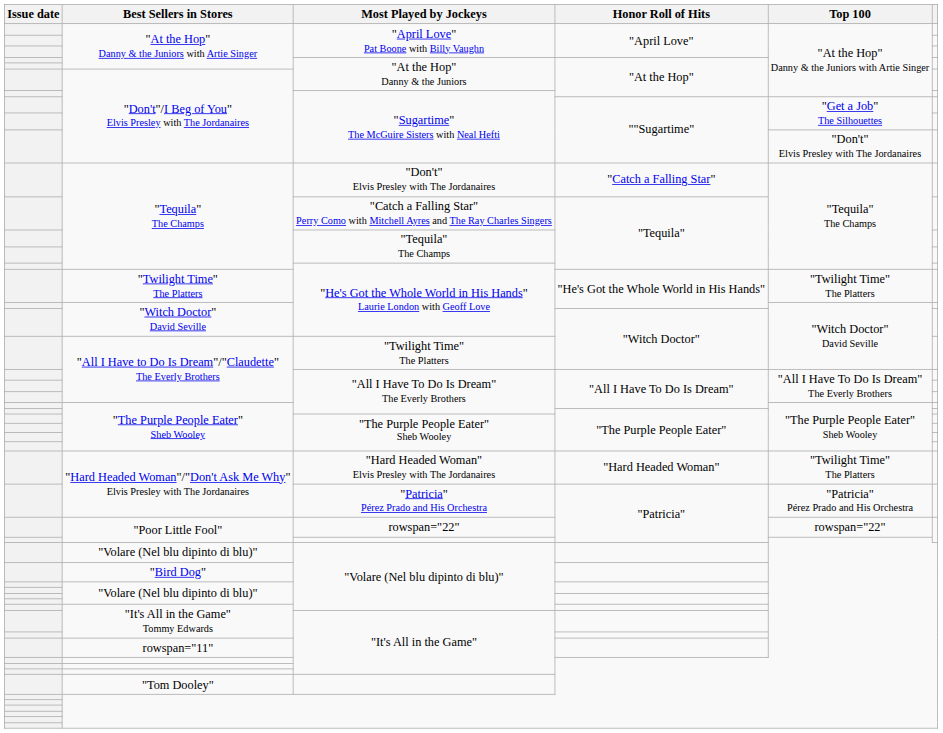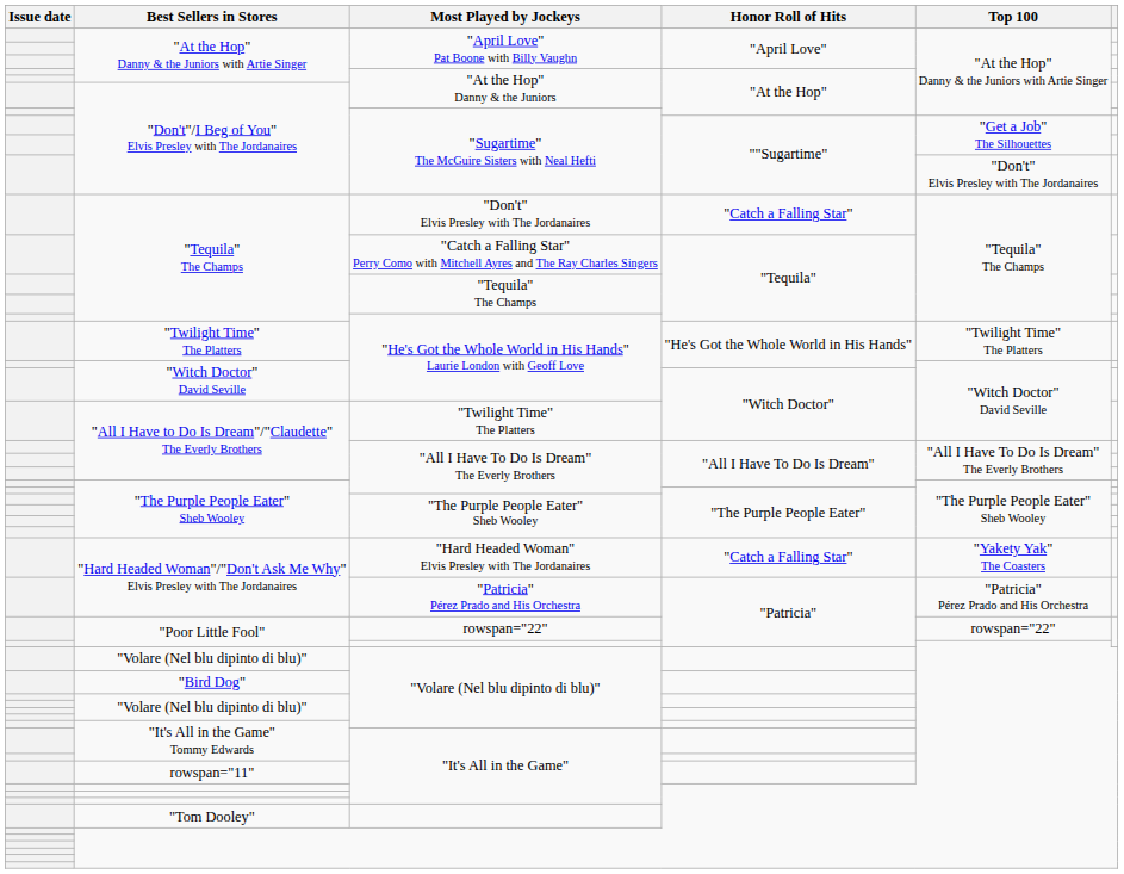 <table class="wikitable sortable plainrowheaders" style="text-align:center;">
 <tr>
 <th>Issue date</th>
 <th>Best Sellers in Stores</th>
 <th>Most Played by Jockeys</th>
 <th>Honor Roll of Hits</th>
 <th>Top 100</th>
 <th></th>
 </tr>
 <tr>
 <th scope="row"></th>
 <td rowspan="5">"<a href='#'>At the Hop</a>"<br><small><a href='#'>Danny & the Juniors</a> with <a href='#'>Artie Singer</a></small></td>
 <td rowspan="3">"<a href='#'>April Love</a>"<br><small><a href='#'>Pat Boone</a> with <a href='#'>Billy Vaughn</a></small></td>
 <td rowspan="3">"April Love"</td>
 <td rowspan="7">"At the Hop"<br><small>Danny & the Juniors with Artie Singer</small></td>
 <td></td>
 </tr>
 <tr>
 <th scope="row"></th>
 <td></td>
 </tr>
 <tr>
 <th scope="row"></th>
 <td></td>
 </tr>
 <tr>
 <th scope="row"></th>
 <td rowspan="3">"At the Hop"<br><small>Danny & the Juniors</small></td>
 <td rowspan="4">"At the Hop"</td>
 <td rowspan="2"></td>
 </tr>
 <tr>
 <th scope="row"></th>
 </tr>
 <tr>
 <th scope="row"></th>
 <td rowspan="5">"<a href='#'>Don't</a>"/<a href='#'>I Beg of You</a>"<br><small><a href='#'>Elvis Presley</a> with <a href='#'>The Jordanaires</a></small></td>
 <td></td>
 </tr>
 <tr>
 <th scope="row"></th>
 <td rowspan="4">"<a href='#'>Sugartime</a>"<br><small><a href='#'>The McGuire Sisters</a> with <a href='#'>Neal Hefti</a></small></td>
 <td></td>
 </tr>
 <tr>
 <th scope="row"></th>
 <td rowspan="3">""Sugartime"</td>
 <td rowspan="2">"<a href='#'>Get a Job</a>"<br><small><a href='#'>The Silhouettes</a></small></td>
 <td></td>
 </tr>
 <tr>
 <th scope="row"></th>
 <td></td>
 </tr>
 <tr>
 <th scope="row"></th>
 <td>"Don't"<br><small>Elvis Presley with The Jordanaires</small></td>
 <td></td>
 </tr>
 <tr>
 <th scope="row"></th>
 <td rowspan="5">"<a href='#'>Tequila</a>"<br><small><a href='#'>The Champs</a></small></td>
 <td>"Don't"<br><small>Elvis Presley with The Jordanaires</small></td>
 <td>"<a href='#'>Catch a Falling Star</a>"</td>
 <td rowspan="5">"Tequila"<br><small>The Champs</small></td>
 <td></td>
 </tr>
 <tr>
 <th scope="row"></th>
 <td>"Catch a Falling Star"<br><small><a href='#'>Perry Como</a> with <a href='#'>Mitchell Ayres</a> and <a href='#'>The Ray Charles Singers</a></small></td>
 <td rowspan="4">"Tequila"</td>
 <td></td>
 </tr>
 <tr>
 <th scope="row"></th>
 <td rowspan="2">"Tequila"<br><small>The Champs</small></td>
 <td></td>
 </tr>
 <tr>
 <th scope="row"></th>
 <td></td>
 </tr>
 <tr>
 <th scope="row"></th>
 <td rowspan="4">"<a href='#'>He's Got the Whole World in His Hands</a>"<br><small><a href='#'>Laurie London</a> with <a href='#'>Geoff Love</a></small></td>
 <td></td>
 </tr>
 <tr>
 <th scope="row"></th>
 <td>"<a href='#'>Twilight Time</a>"<br><small><a href='#'>The Platters</a></small></td>
 <td rowspan="2">"He's Got the Whole World in His Hands"</td>
 <td>"Twilight Time"<br><small>The Platters</small></td>
 <td></td>
 </tr>
 <tr>
 <th scope="row"></th>
 <td rowspan="2">"<a href='#'>Witch Doctor</a>"<br><small><a href='#'>David Seville</a></small></td>
 <td rowspan="3">"Witch Doctor"<br><small>David Seville</small></td>
 <td></td>
 </tr>
 <tr>
 <th scope="row"></th>
 <td rowspan="2">"Witch Doctor"</td>
 <td></td>
 </tr>
 <tr>
 <th scope="row"></th>
 <td rowspan="4">"<a href='#'>All I Have to Do Is Dream</a>"/"<a href='#'>Claudette</a>"<br><small><a href='#'>The Everly Brothers</a></small></td>
 <td>"Twilight Time"<br><small>The Platters</small></td>
 <td></td>
 </tr>
 <tr>
 <th scope="row"></th>
 <td rowspan="5">"All I Have To Do Is Dream"<br><small>The Everly Brothers</small></td>
 <td rowspan="4">"All I Have To Do Is Dream"</td>
 <td rowspan="3">"All I Have To Do Is Dream"<br><small>The Everly Brothers</small></td>
 <td></td>
 </tr>
 <tr>
 <th scope="row"></th>
 <td></td>
 </tr>
 <tr>
 <th scope="row"></th>
 <td></td>
 </tr>
 <tr>
 <th scope="row"></th>
 <td rowspan="6">"<a href='#'>The Purple People Eater</a>"<br><small><a href='#'>Sheb Wooley</a></small></td>
 <td rowspan="6">"The Purple People Eater"<br><small>Sheb Wooley</small></td>
 <td></td>
 </tr>
 <tr>
 <th scope="row"></th>
 <td rowspan="5">"The Purple People Eater"</td>
 <td></td>
 </tr>
 <tr>
 <th scope="row"></th>
 <td rowspan="4">"The Purple People Eater"<br><sup>Sheb Wooley</sup></td>
 <td></td>
 </tr>
 <tr>
 <th scope="row"></th>
 <td></td>
 </tr>
 <tr>
 <th scope="row"></th>
 <td></td>
 </tr>
 <tr>
 <th scope="row"></th>
 <td></td>
 </tr>
 <tr>
 <th scope="row"></th>
 <td rowspan="2">"<a href='#'>Hard Headed Woman</a>"/"<a href='#'>Don't Ask Me Why</a>"<br><small>Elvis Presley with The Jordanaires</small></td>
 <td>"Hard Headed Woman"<br><small>Elvis Presley with The Jordanaires</small></td>
-<td>"Hard Headed Woman"</td>
-<td>"Twilight Time"<br><small>The Platters</small></td>
+<td>"<a href='#'>Catch a Falling Star</a>"</td>
+<td>"<a href='#'>Yakety Yak</a>"<br><small><a href='#'>The Coasters</a></small></td>
 <td></td>
 </tr>
 <tr>
 <th scope="row"></th>
 <td>"<a href='#'>Patricia</a>"<br><small><a href='#'>Pérez Prado and His Orchestra</a></small></td>
 <td rowspan="3">"Patricia"</td>
 <td>"Patricia"<br><small>Pérez Prado and His Orchestra</small></td>
 <td></td>
 </tr>
 <tr>
 <th scope="row"></th>
 <td rowspan="2">"Poor Little Fool"<br></td>
 <td>rowspan="22" </td>
 <td>rowspan="22" </td>
 <td rowspan="2"></td>
 </tr>
 <tr>
 <th scope="row"></th>
 </tr>
 <tr>
 <th scope="row"></th>
 <td>"Volare (Nel blu dipinto di blu)"<br></td>
 <td rowspan="7">"Volare (Nel blu dipinto di blu)"</td>
 <td></td>
 </tr>
 <tr>
 <th scope="row"></th>
 <td>"<a href='#'>Bird Dog</a>"<br></td>
 <td></td>
 </tr>
 <tr>
 <th scope="row"></th>
 <td rowspan="4">"Volare (Nel blu dipinto di blu)"<br></td>
 <td rowspan="2"></td>
 </tr>
 <tr>
 <th scope="row"></th>
 </tr>
 <tr>
 <th scope="row"></th>
 <td rowspan="2"></td>
 </tr>
 <tr>
 <th scope="row"></th>
 </tr>
 <tr>
 <th scope="row"></th>
 <td rowspan="3">"It's All in the Game"<br><small>Tommy Edwards</small></td>
 <td></td>
 </tr>
 <tr>
 <th scope="row"></th>
 <td rowspan="6">"It's All in the Game"</td>
 <td></td>
 </tr>
 <tr>
 <th scope="row"></th>
 <td></td>
 </tr>
 <tr>
 <th scope="row"></th>
 <td>rowspan="11" </td>
 <td></td>
 </tr>
 <tr>
 <th scope="row"></th>
 <td></td>
 </tr>
 <tr>
 <th scope="row"></th>
 <td></td>
 </tr>
 <tr>
 <th scope="row"></th>
 <td></td>
 </tr>
 <tr>
 <th scope="row"></th>
 <td>"Tom Dooley"</td>
 <td></td>
 </tr>
 <tr>
 <th scope="row"></th>
 </tr>
 <tr>
 <th scope="row"></th>
 </tr>
 <tr>
 <th scope="row"></th>
 </tr>
 <tr>
 <th scope="row"></th>
 </tr>
 <tr>
 <th scope="row"></th>
 </tr>
 <tr>
 <th scope="row"></th>
 </tr>
 </table>
